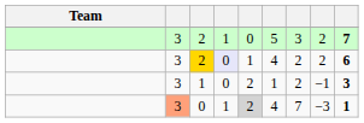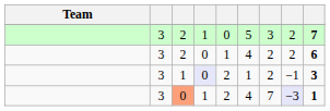 <table class="wikitable" style="text-align: center;">
 <tr>
 <th width="175">Team</th>
 <th width="20"></th>
 <th width="20"></th>
 <th width="20"></th>
 <th width="20"></th>
 <th width="20"></th>
 <th width="20"></th>
 <th width="20"></th>
 <th width="20"></th>
 </tr>
 <tr>
 </tr>
 <tr bgcolor=ccffcc>
 <td align=left></td>
 <td>3</td>
 <td>2</td>
 <td>1</td>
 <td>0</td>
 <td>5</td>
 <td>3</td>
 <td>2</td>
 <td><strong>7</strong></td>
 </tr>
 <tr>
 <td align=left></td>
 <td>3</td>
-<td style="background: gold;">2</td>
-<td style="background: lavender;">0</td>
+<td>2</td>
+<td>0</td>
 <td>1</td>
 <td>4</td>
 <td>2</td>
 <td>2</td>
 <td><strong>6</strong></td>
 </tr>
 <tr>
 <td align=left></td>
 <td>3</td>
 <td>1</td>
-<td>0</td>
+<td style="background: lavender;">0</td>
 <td>2</td>
 <td>1</td>
 <td>2</td>
 <td>−1</td>
 <td><strong>3</strong></td>
 </tr>
 <tr>
 <td align=left><em></em></td>
-<td style="background: lightsalmon;">3</td>
-<td>0</td>
+<td>3</td>
+<td style="background: lightsalmon;">0</td>
 <td>1</td>
-<td style="background: lightgrey;">2</td>
+<td>2</td>
 <td>4</td>
 <td>7</td>
-<td>−3</td>
+<td style="background: lavender;">−3</td>
 <td><strong>1</strong></td>
 </tr>
 </table>
